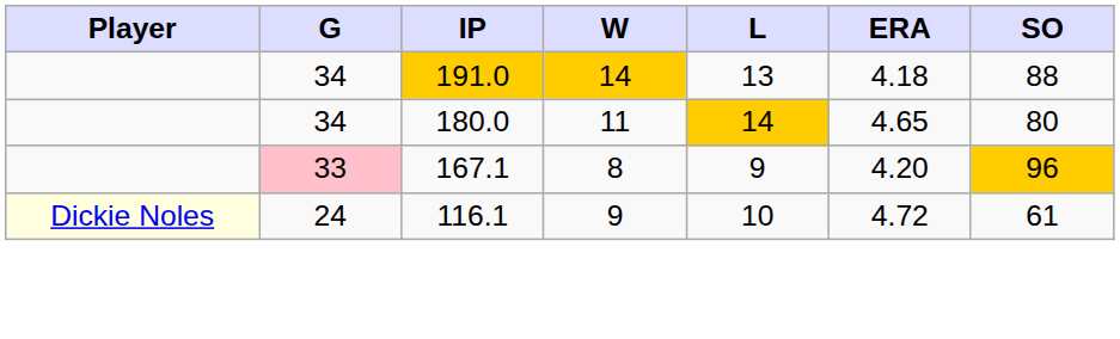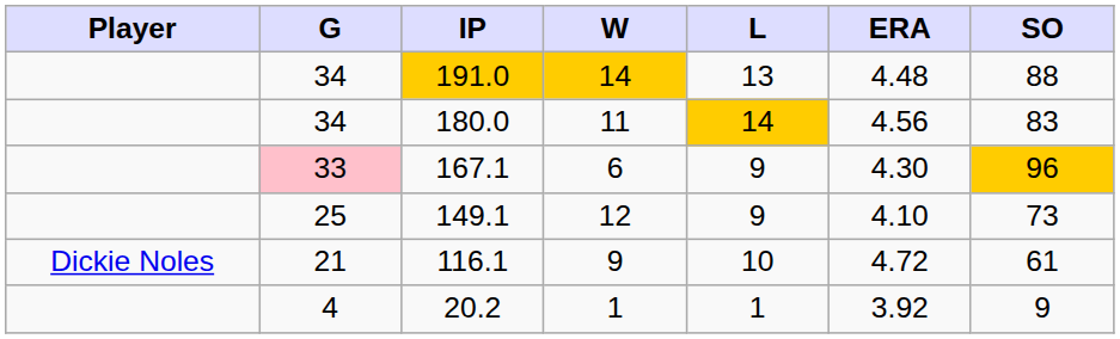 <table class="wikitable sortable">
 <tr>
 <th style="background:#ddf; width:16%;">Player</th>
 <th style="background:#ddf; width:9%;">G</th>
 <th style="background:#ddf; width:9%;">IP</th>
 <th style="background:#ddf; width:9%;">W</th>
 <th style="background:#ddf; width:9%;">L</th>
 <th style="background:#ddf; width:9%;">ERA</th>
 <th style="background:#ddf; width:9%;">SO</th>
 </tr>
 <tr style="text-align:center;">
 <td></td>
 <td>34</td>
 <td style="background:#fc0;">191.0</td>
 <td style="background:#fc0;">14</td>
 <td>13</td>
-<td>4.18</td>
+<td>4.48</td>
 <td>88</td>
 </tr>
 <tr style="text-align:center;">
 <td></td>
 <td>34</td>
 <td>180.0</td>
 <td>11</td>
 <td style="background:#fc0;">14</td>
-<td>4.65</td>
-<td>80</td>
+<td>4.56</td>
+<td>83</td>
 </tr>
 <tr style="text-align:center;">
 <td></td>
 <td style="background: pink;">33</td>
 <td>167.1</td>
-<td>8</td>
+<td>6</td>
 <td>9</td>
-<td>4.20</td>
+<td>4.30</td>
 <td style="background:#fc0;">96</td>
 </tr>
 <tr style="text-align:center;">
-<td style="background: lightyellow;"><a href='#'>Dickie Noles</a></td>
-<td>24</td>
+<td></td>
+<td>25</td>
+<td>149.1</td>
+<td>12</td>
+<td>9</td>
+<td>4.10</td>
+<td>73</td>
+</tr>
+<tr style="text-align:center;">
+<td><a href='#'>Dickie Noles</a></td>
+<td>21</td>
 <td>116.1</td>
 <td>9</td>
 <td>10</td>
 <td>4.72</td>
 <td>61</td>
 </tr>
+<tr align=center>
+<td></td>
+<td>4</td>
+<td>20.2</td>
+<td>1</td>
+<td>1</td>
+<td>3.92</td>
+<td>9</td>
+</tr>
 </table>
